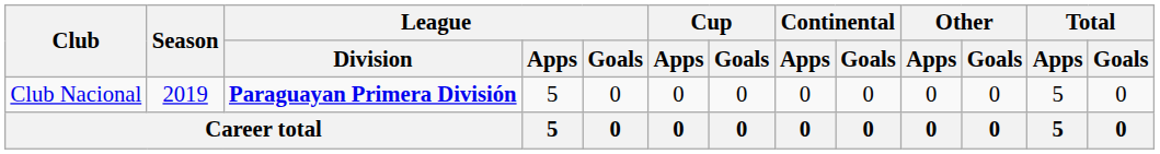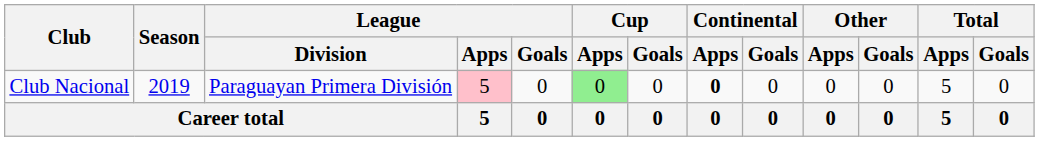 <table class="wikitable" style="text-align: center">
 <tr>
 <th rowspan="2">Club</th>
 <th rowspan="2">Season</th>
 <th colspan="3">League</th>
 <th colspan="2">Cup</th>
 <th colspan="2">Continental</th>
 <th colspan="2">Other</th>
 <th colspan="2">Total</th>
 </tr>
 <tr>
 <th>Division</th>
 <th>Apps</th>
 <th>Goals</th>
 <th>Apps</th>
 <th>Goals</th>
 <th>Apps</th>
 <th>Goals</th>
 <th>Apps</th>
 <th>Goals</th>
 <th>Apps</th>
 <th>Goals</th>
 </tr>
 <tr>
 <td><a href='#'>Club Nacional</a></td>
 <td><a href='#'>2019</a></td>
-<td><strong><a href='#'>Paraguayan Primera División</a></strong></td>
-<td>5</td>
+<td><a href='#'>Paraguayan Primera División</a></td>
+<td style="background: pink;">5</td>
 <td>0</td>
+<td style="background: lightgreen;">0</td>
 <td>0</td>
-<td>0</td>
-<td>0</td>
+<td><strong>0</strong></td>
 <td>0</td>
 <td>0</td>
 <td>0</td>
 <td>5</td>
 <td>0</td>
 </tr>
 <tr>
 <th colspan="3"><strong>Career total</strong></th>
 <th>5</th>
 <th>0</th>
 <th>0</th>
 <th>0</th>
 <th>0</th>
 <th>0</th>
 <th>0</th>
 <th>0</th>
 <th>5</th>
 <th>0</th>
 </tr>
 </table>
